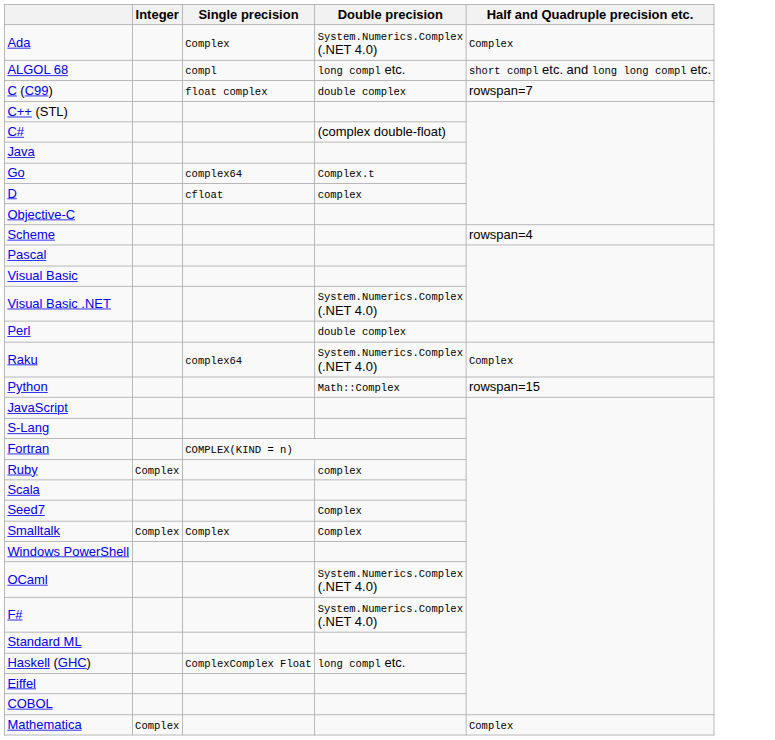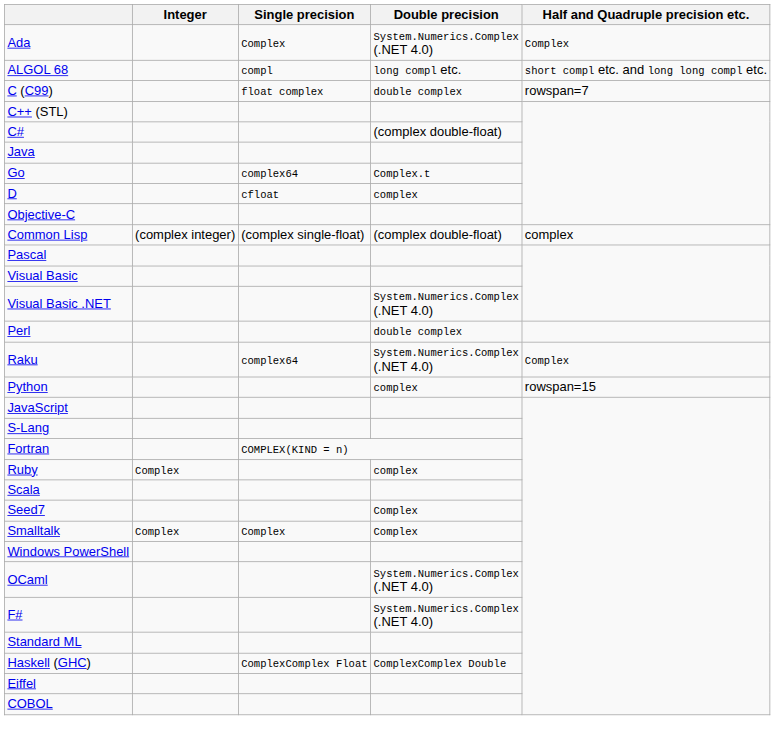 <table class="wikitable sortable">
 <tr>
 <th></th>
 <th>Integer</th>
 <th>Single precision</th>
 <th>Double precision</th>
 <th>Half and Quadruple precision etc.</th>
 </tr>
 <tr>
 <td><a href='#'>Ada</a></td>
 <td></td>
 <td><code>Complex</code></td>
 <td><code>System.Numerics.Complex</code><br>(.NET 4.0)</td>
 <td><code>Complex</code></td>
 </tr>
 <tr>
 <td><a href='#'>ALGOL 68</a></td>
 <td></td>
 <td><code>compl</code></td>
 <td><code>long compl</code> etc.</td>
 <td><code>short compl</code> etc. and <code>long long compl</code> etc.</td>
 </tr>
 <tr>
 <td><a href='#'>C</a> (<a href='#'>C99</a>)</td>
 <td></td>
 <td><code>float complex</code></td>
 <td><code>double complex</code></td>
 <td>rowspan=7 </td>
 </tr>
 <tr>
 <td><a href='#'>C++</a> (STL)</td>
 <td></td>
 <td><code></code></td>
 <td><code></code></td>
 </tr>
 <tr>
 <td><a href='#'>C#</a></td>
 <td></td>
 <td></td>
 <td>(complex double-float)</td>
 </tr>
 <tr>
 <td><a href='#'>Java</a></td>
 <td></td>
 <td></td>
 <td></td>
 </tr>
 <tr>
 <td><a href='#'>Go</a></td>
 <td></td>
 <td><code>complex64</code></td>
 <td><code>Complex.t</code></td>
 </tr>
 <tr>
 <td><a href='#'>D</a></td>
 <td></td>
 <td><code>cfloat</code></td>
 <td><code>complex</code></td>
 </tr>
 <tr>
 <td><a href='#'>Objective-C</a></td>
 <td></td>
 <td></td>
 <td></td>
 </tr>
 <tr>
-<td><a href='#'>Scheme</a></td>
-<td></td>
-<td></td>
-<td></td>
-<td>rowspan=4 </td>
+<td><a href='#'>Common Lisp</a></td>
+<td>(complex integer)</td>
+<td>(complex single-float)</td>
+<td>(complex double-float)</td>
+<td>complex</td>
 </tr>
 <tr>
 <td><a href='#'>Pascal</a></td>
 <td></td>
 <td></td>
 <td></td>
 </tr>
 <tr>
 <td><a href='#'>Visual Basic</a></td>
 <td></td>
 <td></td>
 <td></td>
 </tr>
 <tr>
 <td><a href='#'>Visual Basic .NET</a></td>
 <td></td>
 <td></td>
 <td><code>System.Numerics.Complex</code><br>(.NET 4.0)</td>
 </tr>
 <tr>
 <td><a href='#'>Perl</a></td>
 <td></td>
 <td></td>
 <td><code>double complex</code></td>
 <td></td>
 </tr>
 <tr>
 <td><a href='#'>Raku</a></td>
 <td></td>
 <td><code>complex64</code></td>
 <td><code>System.Numerics.Complex</code><br>(.NET 4.0)</td>
 <td><code>Complex</code></td>
 </tr>
 <tr>
 <td><a href='#'>Python</a></td>
 <td></td>
 <td></td>
-<td><code>Math::Complex</code></td>
+<td><code>complex</code></td>
 <td>rowspan=15 </td>
 </tr>
 <tr>
 <td><a href='#'>JavaScript</a></td>
 <td></td>
 <td></td>
 <td></td>
 </tr>
 <tr>
 <td><a href='#'>S-Lang</a></td>
 <td></td>
 <td></td>
 <td></td>
 </tr>
 <tr>
 <td><a href='#'>Fortran</a></td>
 <td></td>
 <td colspan=2><code>COMPLEX(KIND = n)</code></td>
 </tr>
 <tr>
 <td><a href='#'>Ruby</a></td>
 <td><code>Complex</code></td>
 <td></td>
 <td><code>complex</code></td>
 </tr>
 <tr>
 <td><a href='#'>Scala</a></td>
 <td></td>
 <td></td>
 <td></td>
 </tr>
 <tr>
 <td><a href='#'>Seed7</a></td>
 <td></td>
 <td></td>
 <td><code>Complex</code></td>
 </tr>
 <tr>
 <td><a href='#'>Smalltalk</a></td>
 <td><code>Complex</code></td>
 <td><code>Complex</code></td>
 <td><code>Complex</code></td>
 </tr>
 <tr>
 <td><a href='#'>Windows PowerShell</a></td>
 <td></td>
 <td></td>
 <td></td>
 </tr>
 <tr>
 <td><a href='#'>OCaml</a></td>
 <td></td>
 <td></td>
 <td><code>System.Numerics.Complex</code><br>(.NET 4.0)</td>
 </tr>
 <tr>
 <td><a href='#'>F#</a></td>
 <td></td>
 <td></td>
 <td><code>System.Numerics.Complex</code><br>(.NET 4.0)</td>
 </tr>
 <tr>
 <td><a href='#'>Standard ML</a></td>
 <td></td>
 <td></td>
 <td></td>
 </tr>
 <tr>
 <td><a href='#'>Haskell</a> (<a href='#'>GHC</a>)</td>
 <td></td>
 <td><code>ComplexComplex Float</code></td>
-<td><code>long compl</code> etc.</td>
+<td><code>ComplexComplex Double</code></td>
 </tr>
 <tr>
 <td><a href='#'>Eiffel</a></td>
 <td></td>
 <td></td>
 <td></td>
 </tr>
 <tr>
 <td><a href='#'>COBOL</a></td>
 <td></td>
 <td></td>
 <td></td>
 </tr>
-<tr>
-<td><a href='#'>Mathematica</a></td>
-<td><code>Complex</code></td>
-<td></td>
-<td></td>
-<td><code>Complex</code></td>
-</tr>
 </table>
